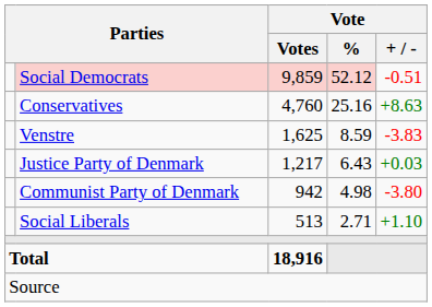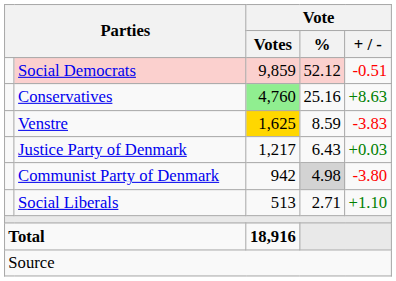 <table class="wikitable" style="text-align:right;">
 <tr>
 <th style="text-align:centre;" rowspan="2" colspan="2" width="225">Parties</th>
 <th colspan="3">Vote</th>
 </tr>
 <tr>
 <th width="15">Votes</th>
 <th width="15">%</th>
 <th width="15">+ / -</th>
 </tr>
 <tr>
 <td width="2" style="color:inherit;background:"></td>
 <td bgcolor=#fbd0ce  align="left"><a href='#'>Social Democrats</a></td>
 <td bgcolor=#fbd0ce>9,859</td>
 <td bgcolor=#fbd0ce>52.12</td>
 <td style=color:red;>-0.51</td>
 </tr>
 <tr>
 <td width="2" style="color:inherit;background:"></td>
 <td align="left"><a href='#'>Conservatives</a></td>
-<td>4,760</td>
+<td style="background: lightgreen;">4,760</td>
 <td>25.16</td>
 <td style=color:green;>+8.63</td>
 </tr>
 <tr>
 <td width="2" style="color:inherit;background:"></td>
 <td align="left"><a href='#'>Venstre</a></td>
-<td>1,625</td>
+<td style="background: gold;">1,625</td>
 <td>8.59</td>
 <td style=color:red;>-3.83</td>
 </tr>
 <tr>
 <td width="2" style="color:inherit;background:"></td>
 <td align="left"><a href='#'>Justice Party of Denmark</a></td>
 <td>1,217</td>
 <td>6.43</td>
 <td style=color:green;>+0.03</td>
 </tr>
 <tr>
 <td width="2" style="color:inherit;background:"></td>
 <td align="left"><a href='#'>Communist Party of Denmark</a></td>
 <td>942</td>
-<td>4.98</td>
+<td style="background: lightgrey;">4.98</td>
 <td style=color:red;>-3.80</td>
 </tr>
 <tr>
 <td width="2" style="color:inherit;background:"></td>
 <td align="left"><a href='#'>Social Liberals</a></td>
 <td>513</td>
 <td>2.71</td>
 <td style=color:green;>+1.10</td>
 </tr>
 <tr>
 <td colspan="7" bgcolor="#E9E9E9"></td>
 </tr>
 <tr>
 <td align="left" colspan="2"><strong>Total</strong></td>
 <td><strong>18,916</strong></td>
 <td bgcolor="#E9E9E9" colspan="2"></td>
 </tr>
 <tr>
 <td align="left" colspan="6">Source</td>
 </tr>
 </table>
